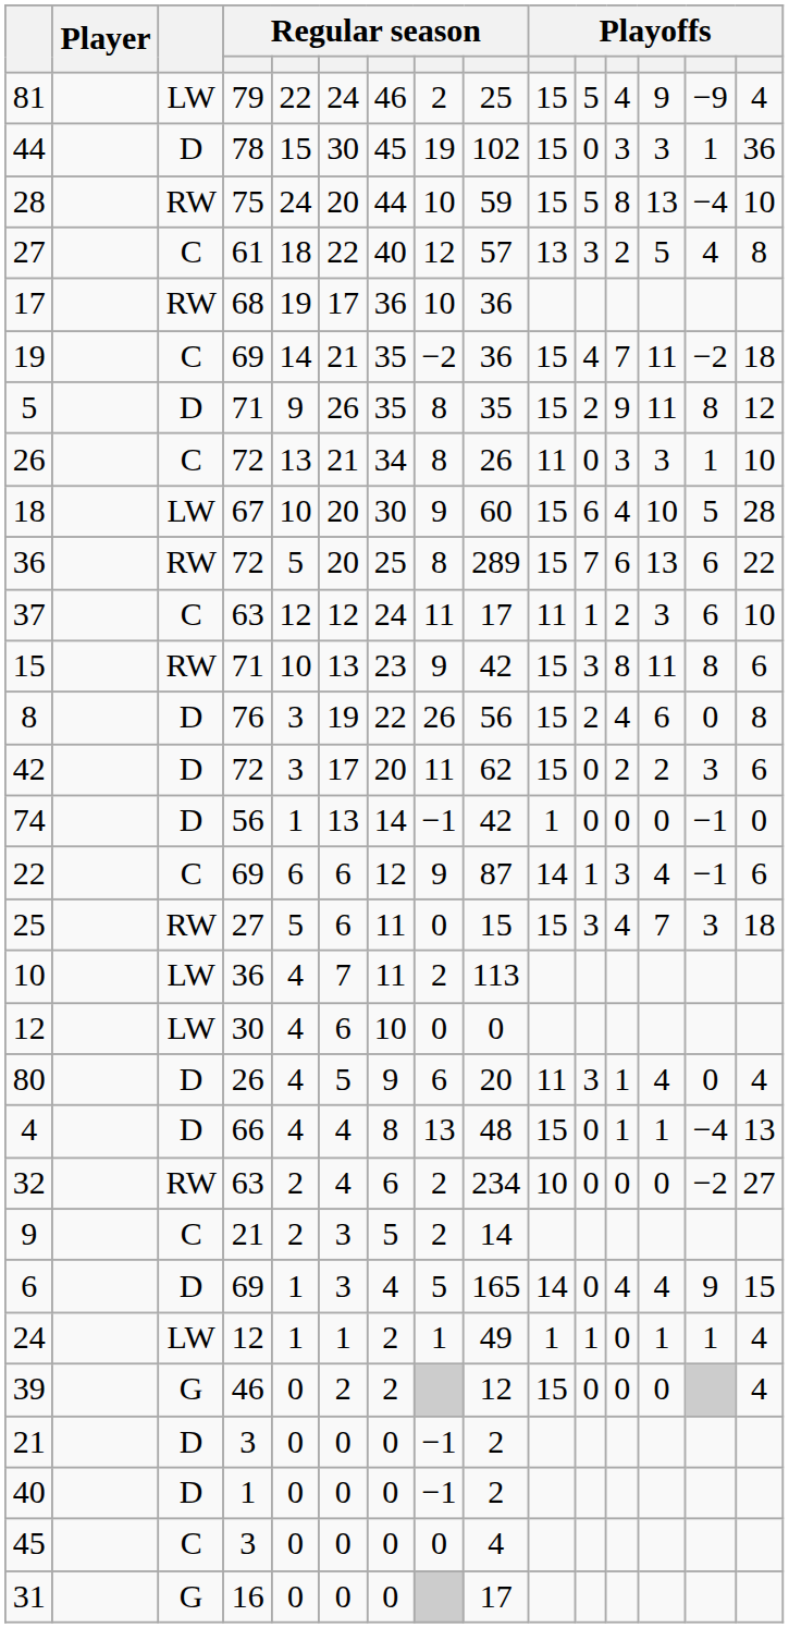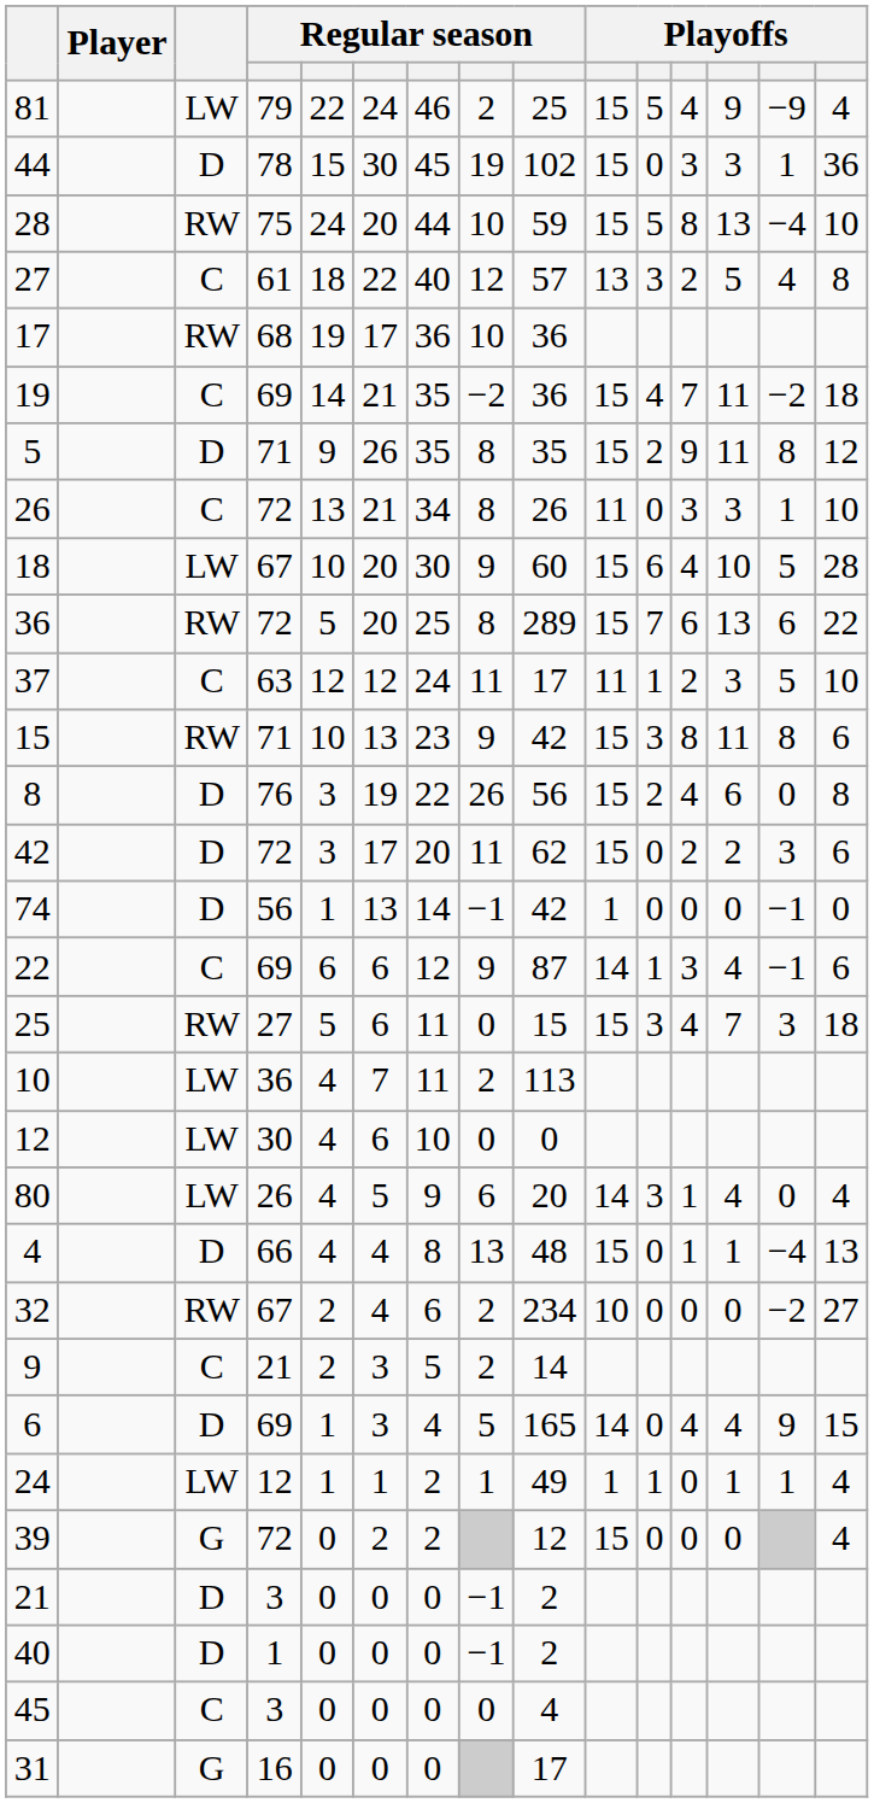 <table class="wikitable sortable plainrowheaders" style="text-align:center;">
 <tr>
 <th scope="col" data-sort-type="number" rowspan="2"></th>
 <th scope="col" rowspan="2">Player</th>
 <th scope="col" rowspan="2"></th>
 <th scope=colgroup colspan=6>Regular season</th>
 <th scope=colgroup colspan=6>Playoffs</th>
 </tr>
 <tr>
 <th scope="col" data-sort-type="number"></th>
 <th scope="col" data-sort-type="number"></th>
 <th scope="col" data-sort-type="number"></th>
 <th scope="col" data-sort-type="number"></th>
 <th scope="col" data-sort-type="number"></th>
 <th scope="col" data-sort-type="number"></th>
 <th scope="col" data-sort-type="number"></th>
 <th scope="col" data-sort-type="number"></th>
 <th scope="col" data-sort-type="number"></th>
 <th scope="col" data-sort-type="number"></th>
 <th scope="col" data-sort-type="number"></th>
 <th scope="col" data-sort-type="number"></th>
 </tr>
 <tr>
 <td scope="row">81</td>
 <td align="left"></td>
 <td>LW</td>
 <td>79</td>
 <td>22</td>
 <td>24</td>
 <td>46</td>
 <td>2</td>
 <td>25</td>
 <td>15</td>
 <td>5</td>
 <td>4</td>
 <td>9</td>
 <td>−9</td>
 <td>4</td>
 </tr>
 <tr>
 <td scope="row">44</td>
 <td align="left"></td>
 <td>D</td>
 <td>78</td>
 <td>15</td>
 <td>30</td>
 <td>45</td>
 <td>19</td>
 <td>102</td>
 <td>15</td>
 <td>0</td>
 <td>3</td>
 <td>3</td>
 <td>1</td>
 <td>36</td>
 </tr>
 <tr>
 <td scope="row">28</td>
 <td align="left"></td>
 <td>RW</td>
 <td>75</td>
 <td>24</td>
 <td>20</td>
 <td>44</td>
 <td>10</td>
 <td>59</td>
 <td>15</td>
 <td>5</td>
 <td>8</td>
 <td>13</td>
 <td>−4</td>
 <td>10</td>
 </tr>
 <tr>
 <td scope="row">27</td>
 <td align="left"></td>
 <td>C</td>
 <td>61</td>
 <td>18</td>
 <td>22</td>
 <td>40</td>
 <td>12</td>
 <td>57</td>
 <td>13</td>
 <td>3</td>
 <td>2</td>
 <td>5</td>
 <td>4</td>
 <td>8</td>
 </tr>
 <tr>
 <td scope="row">17</td>
 <td align="left"></td>
 <td>RW</td>
 <td>68</td>
 <td>19</td>
 <td>17</td>
 <td>36</td>
 <td>10</td>
 <td>36</td>
 <td></td>
 <td></td>
 <td></td>
 <td></td>
 <td></td>
 <td></td>
 </tr>
 <tr>
 <td scope="row">19</td>
 <td align="left"></td>
 <td>C</td>
 <td>69</td>
 <td>14</td>
 <td>21</td>
 <td>35</td>
 <td>−2</td>
 <td>36</td>
 <td>15</td>
 <td>4</td>
 <td>7</td>
 <td>11</td>
 <td>−2</td>
 <td>18</td>
 </tr>
 <tr>
 <td scope="row">5</td>
 <td align="left"></td>
 <td>D</td>
 <td>71</td>
 <td>9</td>
 <td>26</td>
 <td>35</td>
 <td>8</td>
 <td>35</td>
 <td>15</td>
 <td>2</td>
 <td>9</td>
 <td>11</td>
 <td>8</td>
 <td>12</td>
 </tr>
 <tr>
 <td scope="row">26</td>
 <td align="left"></td>
 <td>C</td>
 <td>72</td>
 <td>13</td>
 <td>21</td>
 <td>34</td>
 <td>8</td>
 <td>26</td>
 <td>11</td>
 <td>0</td>
 <td>3</td>
 <td>3</td>
 <td>1</td>
 <td>10</td>
 </tr>
 <tr>
 <td scope="row">18</td>
 <td align="left"></td>
 <td>LW</td>
 <td>67</td>
 <td>10</td>
 <td>20</td>
 <td>30</td>
 <td>9</td>
 <td>60</td>
 <td>15</td>
 <td>6</td>
 <td>4</td>
 <td>10</td>
 <td>5</td>
 <td>28</td>
 </tr>
 <tr>
 <td scope="row">36</td>
 <td align="left"></td>
 <td>RW</td>
 <td>72</td>
 <td>5</td>
 <td>20</td>
 <td>25</td>
 <td>8</td>
 <td>289</td>
 <td>15</td>
 <td>7</td>
 <td>6</td>
 <td>13</td>
 <td>6</td>
 <td>22</td>
 </tr>
 <tr>
 <td scope="row">37</td>
 <td align="left"></td>
 <td>C</td>
 <td>63</td>
 <td>12</td>
 <td>12</td>
 <td>24</td>
 <td>11</td>
 <td>17</td>
 <td>11</td>
 <td>1</td>
 <td>2</td>
 <td>3</td>
-<td>6</td>
+<td>5</td>
 <td>10</td>
 </tr>
 <tr>
 <td scope="row">15</td>
 <td align="left"></td>
 <td>RW</td>
 <td>71</td>
 <td>10</td>
 <td>13</td>
 <td>23</td>
 <td>9</td>
 <td>42</td>
 <td>15</td>
 <td>3</td>
 <td>8</td>
 <td>11</td>
 <td>8</td>
 <td>6</td>
 </tr>
 <tr>
 <td scope="row">8</td>
 <td align="left"></td>
 <td>D</td>
 <td>76</td>
 <td>3</td>
 <td>19</td>
 <td>22</td>
 <td>26</td>
 <td>56</td>
 <td>15</td>
 <td>2</td>
 <td>4</td>
 <td>6</td>
 <td>0</td>
 <td>8</td>
 </tr>
 <tr>
 <td scope="row">42</td>
 <td align="left"></td>
 <td>D</td>
 <td>72</td>
 <td>3</td>
 <td>17</td>
 <td>20</td>
 <td>11</td>
 <td>62</td>
 <td>15</td>
 <td>0</td>
 <td>2</td>
 <td>2</td>
 <td>3</td>
 <td>6</td>
 </tr>
 <tr>
 <td scope="row">74</td>
 <td align="left"></td>
 <td>D</td>
 <td>56</td>
 <td>1</td>
 <td>13</td>
 <td>14</td>
 <td>−1</td>
 <td>42</td>
 <td>1</td>
 <td>0</td>
 <td>0</td>
 <td>0</td>
 <td>−1</td>
 <td>0</td>
 </tr>
 <tr>
 <td scope="row">22</td>
 <td align="left"></td>
 <td>C</td>
 <td>69</td>
 <td>6</td>
 <td>6</td>
 <td>12</td>
 <td>9</td>
 <td>87</td>
 <td>14</td>
 <td>1</td>
 <td>3</td>
 <td>4</td>
 <td>−1</td>
 <td>6</td>
 </tr>
 <tr>
 <td scope="row">25</td>
 <td align="left"></td>
 <td>RW</td>
 <td>27</td>
 <td>5</td>
 <td>6</td>
 <td>11</td>
 <td>0</td>
 <td>15</td>
 <td>15</td>
 <td>3</td>
 <td>4</td>
 <td>7</td>
 <td>3</td>
 <td>18</td>
 </tr>
 <tr>
 <td scope="row">10</td>
 <td align="left"></td>
 <td>LW</td>
 <td>36</td>
 <td>4</td>
 <td>7</td>
 <td>11</td>
 <td>2</td>
 <td>113</td>
 <td></td>
 <td></td>
 <td></td>
 <td></td>
 <td></td>
 <td></td>
 </tr>
 <tr>
 <td scope="row">12</td>
 <td align="left"></td>
 <td>LW</td>
 <td>30</td>
 <td>4</td>
 <td>6</td>
 <td>10</td>
 <td>0</td>
 <td>0</td>
 <td></td>
 <td></td>
 <td></td>
 <td></td>
 <td></td>
 <td></td>
 </tr>
 <tr>
 <td scope="row">80</td>
 <td align="left"></td>
-<td>D</td>
+<td>LW</td>
 <td>26</td>
 <td>4</td>
 <td>5</td>
 <td>9</td>
 <td>6</td>
 <td>20</td>
-<td>11</td>
+<td>14</td>
 <td>3</td>
 <td>1</td>
 <td>4</td>
 <td>0</td>
 <td>4</td>
 </tr>
 <tr>
 <td scope="row">4</td>
 <td align="left"></td>
 <td>D</td>
 <td>66</td>
 <td>4</td>
 <td>4</td>
 <td>8</td>
 <td>13</td>
 <td>48</td>
 <td>15</td>
 <td>0</td>
 <td>1</td>
 <td>1</td>
 <td>−4</td>
 <td>13</td>
 </tr>
 <tr>
 <td scope="row">32</td>
 <td align="left"></td>
 <td>RW</td>
-<td>63</td>
+<td>67</td>
 <td>2</td>
 <td>4</td>
 <td>6</td>
 <td>2</td>
 <td>234</td>
 <td>10</td>
 <td>0</td>
 <td>0</td>
 <td>0</td>
 <td>−2</td>
 <td>27</td>
 </tr>
 <tr>
 <td scope="row">9</td>
 <td align="left"></td>
 <td>C</td>
 <td>21</td>
 <td>2</td>
 <td>3</td>
 <td>5</td>
 <td>2</td>
 <td>14</td>
 <td></td>
 <td></td>
 <td></td>
 <td></td>
 <td></td>
 <td></td>
 </tr>
 <tr>
 <td scope="row">6</td>
 <td align="left"></td>
 <td>D</td>
 <td>69</td>
 <td>1</td>
 <td>3</td>
 <td>4</td>
 <td>5</td>
 <td>165</td>
 <td>14</td>
 <td>0</td>
 <td>4</td>
 <td>4</td>
 <td>9</td>
 <td>15</td>
 </tr>
 <tr>
 <td scope="row">24</td>
 <td align="left"></td>
 <td>LW</td>
 <td>12</td>
 <td>1</td>
 <td>1</td>
 <td>2</td>
 <td>1</td>
 <td>49</td>
 <td>1</td>
 <td>1</td>
 <td>0</td>
 <td>1</td>
 <td>1</td>
 <td>4</td>
 </tr>
 <tr>
 <td scope="row">39</td>
 <td align="left"></td>
 <td>G</td>
-<td>46</td>
+<td>72</td>
 <td>0</td>
 <td>2</td>
 <td>2</td>
 <td style="background:#ccc"></td>
 <td>12</td>
 <td>15</td>
 <td>0</td>
 <td>0</td>
 <td>0</td>
 <td style="background:#ccc"></td>
 <td>4</td>
 </tr>
 <tr>
 <td scope="row">21</td>
 <td align="left"></td>
 <td>D</td>
 <td>3</td>
 <td>0</td>
 <td>0</td>
 <td>0</td>
 <td>−1</td>
 <td>2</td>
 <td></td>
 <td></td>
 <td></td>
 <td></td>
 <td></td>
 <td></td>
 </tr>
 <tr>
 <td scope="row">40</td>
 <td align="left"></td>
 <td>D</td>
 <td>1</td>
 <td>0</td>
 <td>0</td>
 <td>0</td>
 <td>−1</td>
 <td>2</td>
 <td></td>
 <td></td>
 <td></td>
 <td></td>
 <td></td>
 <td></td>
 </tr>
 <tr>
 <td scope="row">45</td>
 <td align="left"></td>
 <td>C</td>
 <td>3</td>
 <td>0</td>
 <td>0</td>
 <td>0</td>
 <td>0</td>
 <td>4</td>
 <td></td>
 <td></td>
 <td></td>
 <td></td>
 <td></td>
 <td></td>
 </tr>
 <tr>
 <td scope="row">31</td>
 <td align="left"></td>
 <td>G</td>
 <td>16</td>
 <td>0</td>
 <td>0</td>
 <td>0</td>
 <td style="background:#ccc"></td>
 <td>17</td>
 <td></td>
 <td></td>
 <td></td>
 <td></td>
 <td></td>
 <td></td>
 </tr>
 </table>
